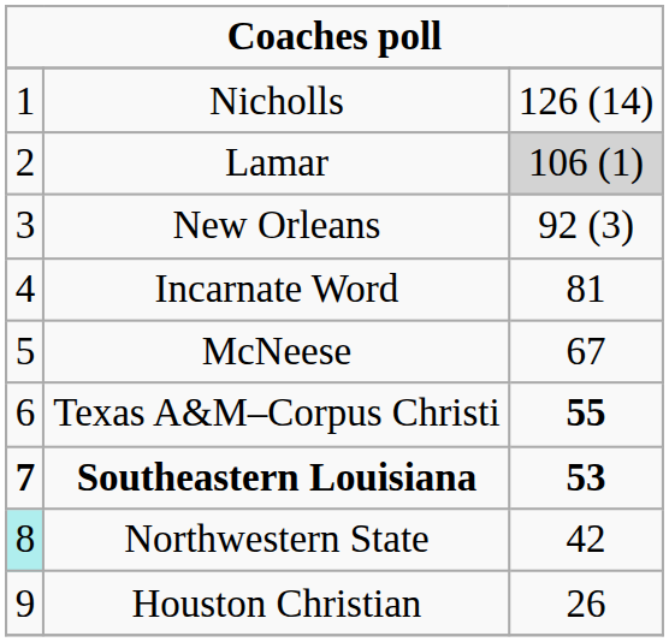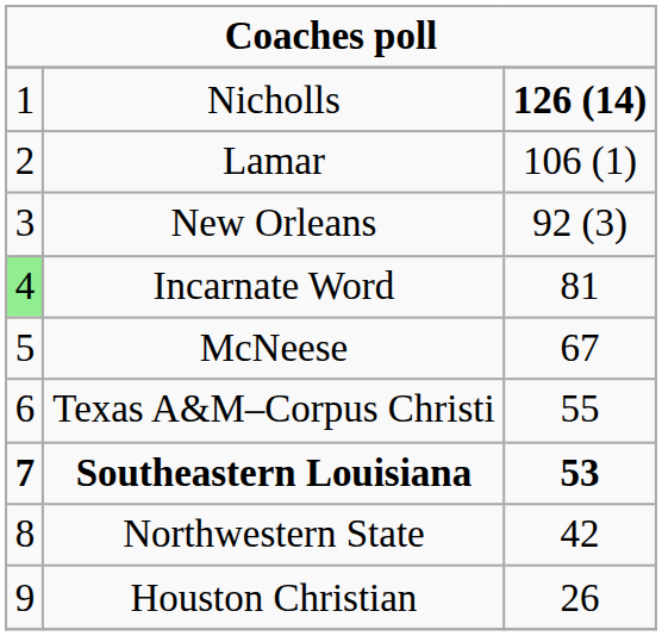 <table class="wikitable">
 <tr align="center">
 <td align="center" Colspan="3"><strong>Coaches poll</strong></td>
 </tr>
 <tr align="center">
 </tr>
 <tr align="center">
 <td>1</td>
 <td>Nicholls</td>
-<td>126 (14)</td>
+<td><strong>126 (14)</strong></td>
 </tr>
 <tr align="center">
 <td>2</td>
 <td>Lamar</td>
-<td style="background: lightgrey;">106 (1)</td>
+<td>106 (1)</td>
 </tr>
 <tr align="center">
 <td>3</td>
 <td>New Orleans</td>
 <td>92 (3)</td>
 </tr>
 <tr align="center">
-<td>4</td>
+<td style="background: lightgreen;">4</td>
 <td>Incarnate Word</td>
 <td>81</td>
 </tr>
 <tr align="center">
 <td>5</td>
 <td>McNeese</td>
 <td>67</td>
 </tr>
 <tr align="center">
 <td>6</td>
 <td>Texas A&M–Corpus Christi</td>
-<td><strong>55</strong></td>
+<td>55</td>
 </tr>
 <tr align="center">
 <td><strong>7</strong></td>
 <td><strong>Southeastern Louisiana</strong></td>
 <td><strong>53</strong></td>
 </tr>
 <tr align="center">
-<td style="background: paleturquoise;">8</td>
+<td>8</td>
 <td>Northwestern State</td>
 <td>42</td>
 </tr>
 <tr align="center">
 <td>9</td>
 <td>Houston Christian</td>
 <td>26</td>
 </tr>
 <tr align="center">
 </tr>
 </table>
